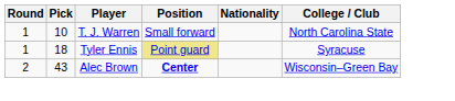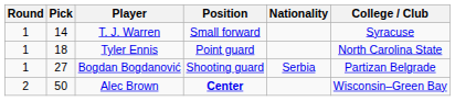 <table class="wikitable sortable sortable">
 <tr>
 <th>Round</th>
 <th>Pick</th>
 <th>Player</th>
 <th>Position</th>
 <th>Nationality</th>
 <th>College / Club</th>
 </tr>
 <tr style="text-align: center">
 <td>1</td>
-<td>10</td>
+<td>14</td>
 <td><a href='#'>T. J. Warren</a></td>
 <td><a href='#'>Small forward</a></td>
+<td></td>
+<td><a href='#'>Syracuse</a></td>
+</tr>
+<tr style="text-align: center">
+<td>1</td>
+<td>18</td>
+<td><a href='#'>Tyler Ennis</a></td>
+<td><a href='#'>Point guard</a></td>
 <td></td>
 <td><a href='#'>North Carolina State</a></td>
 </tr>
 <tr style="text-align: center">
 <td>1</td>
-<td>18</td>
-<td><a href='#'>Tyler Ennis</a></td>
-<td style="background: khaki;"><a href='#'>Point guard</a></td>
-<td></td>
-<td><a href='#'>Syracuse</a></td>
+<td>27</td>
+<td><a href='#'>Bogdan Bogdanović</a></td>
+<td><a href='#'>Shooting guard</a></td>
+<td> <a href='#'>Serbia</a></td>
+<td> <a href='#'>Partizan Belgrade</a></td>
 </tr>
 <tr style="text-align: center">
 <td>2</td>
-<td>43</td>
+<td>50</td>
 <td><a href='#'>Alec Brown</a></td>
 <td><strong><a href='#'>Center</a></strong></td>
 <td></td>
 <td><a href='#'>Wisconsin–Green Bay</a></td>
 </tr>
 </table>
